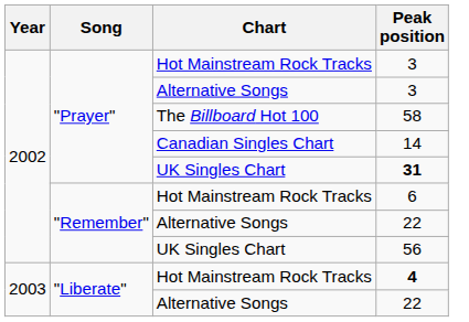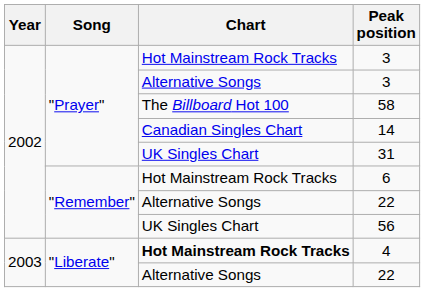 <table class="wikitable">
 <tr>
 <th>Year</th>
 <th>Song</th>
 <th>Chart</th>
 <th>Peak<br>position</th>
 </tr>
 <tr>
 <td rowspan="8">2002</td>
 <td rowspan="5">"<a href='#'>Prayer</a>"</td>
 <td><a href='#'>Hot Mainstream Rock Tracks</a></td>
 <td align="center">3</td>
 </tr>
 <tr>
 <td><a href='#'>Alternative Songs</a></td>
 <td align="center">3</td>
 </tr>
 <tr>
 <td>The <a href='#'><em>Billboard</em> Hot 100</a></td>
 <td align="center">58</td>
 </tr>
 <tr>
 <td><a href='#'>Canadian Singles Chart</a></td>
 <td align="center">14</td>
 </tr>
 <tr>
 <td><a href='#'>UK Singles Chart</a></td>
-<td align="center"><strong>31</strong></td>
+<td align="center">31</td>
 </tr>
 <tr>
 <td rowspan="3">"<a href='#'>Remember</a>"</td>
 <td>Hot Mainstream Rock Tracks</td>
 <td align="center">6</td>
 </tr>
 <tr>
 <td>Alternative Songs</td>
 <td align="center">22</td>
 </tr>
 <tr>
 <td>UK Singles Chart</td>
 <td align="center">56</td>
 </tr>
 <tr>
 <td rowspan="2">2003</td>
 <td rowspan="2">"<a href='#'>Liberate</a>"</td>
-<td>Hot Mainstream Rock Tracks</td>
-<td align="center"><strong>4</strong></td>
+<td><strong>Hot Mainstream Rock Tracks</strong></td>
+<td align="center">4</td>
 </tr>
 <tr>
 <td>Alternative Songs</td>
 <td align="center">22</td>
 </tr>
 </table>
